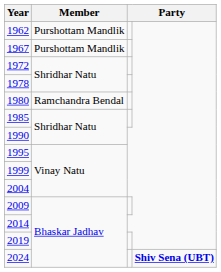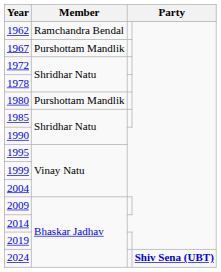 <table class="wikitable">
 <tr>
 <th>Year</th>
 <th>Member</th>
 <th colspan="2">Party</th>
 </tr>
 <tr>
 <td><a href='#'>1962</a></td>
-<td>Purshottam Mandlik</td>
+<td>Ramchandra Bendal</td>
 <td></td>
 </tr>
 <tr>
 <td><a href='#'>1967</a></td>
 <td>Purshottam Mandlik</td>
 <td></td>
 </tr>
 <tr>
 <td><a href='#'>1972</a></td>
 <td rowspan=2>Shridhar Natu</td>
 <td></td>
 </tr>
 <tr>
 <td><a href='#'>1978</a></td>
 <td></td>
 </tr>
 <tr>
 <td><a href='#'>1980</a></td>
-<td>Ramchandra Bendal</td>
+<td>Purshottam Mandlik</td>
 <td></td>
 </tr>
 <tr>
 <td><a href='#'>1985</a></td>
 <td rowspan=2>Shridhar Natu</td>
 <td></td>
 </tr>
 <tr>
 <td><a href='#'>1990</a></td>
 </tr>
 <tr>
 <td><a href='#'>1995</a></td>
 <td rowspan=3>Vinay Natu</td>
 </tr>
 <tr>
 <td><a href='#'>1999</a></td>
 </tr>
 <tr>
 <td><a href='#'>2004</a></td>
 </tr>
 <tr>
 <td><a href='#'>2009</a></td>
 <td rowspan=4><a href='#'>Bhaskar Jadhav</a></td>
 <td></td>
 </tr>
 <tr>
 <td><a href='#'>2014</a></td>
 </tr>
 <tr>
 <td><a href='#'>2019</a></td>
 <td></td>
 </tr>
 <tr>
 <td><a href='#'>2024</a></td>
 <td style="background-color: "></td>
 <td><strong><a href='#'>Shiv Sena (UBT)</a></strong></td>
 </tr>
 </table>
